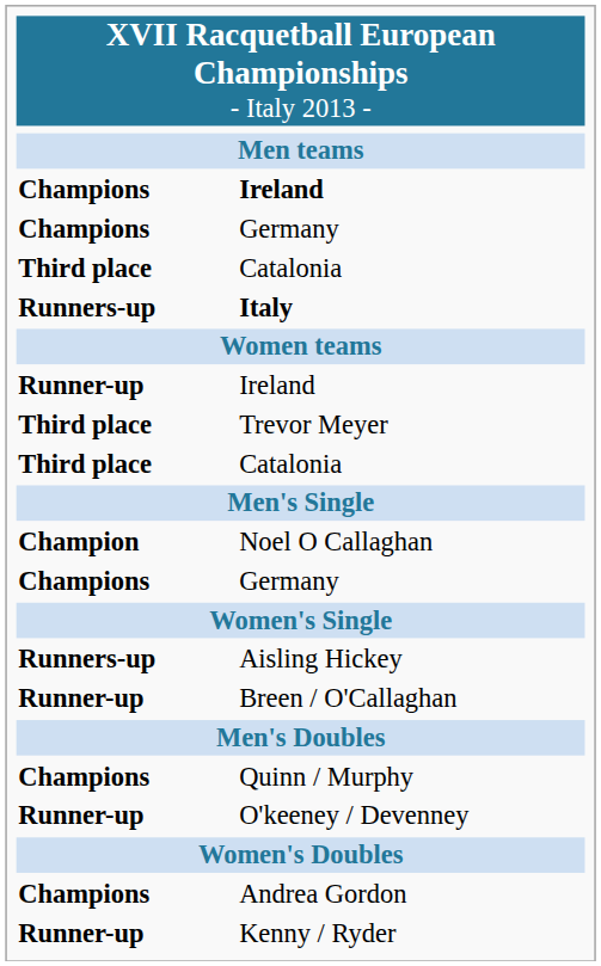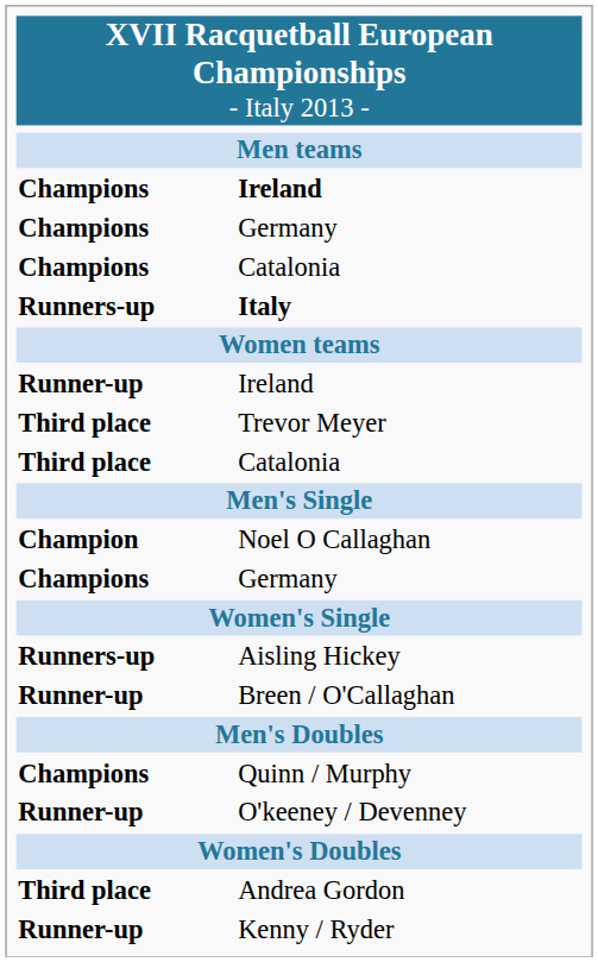 <table class="infobox" style="font-size: 90%; width: 22em;">
 <tr>
 <td colspan="2" style="background: #227799; text-align: center; color:#ffffff;"><big><strong>XVII Racquetball European Championships</strong></big><br>- Italy 2013 -</td>
 </tr>
 <tr style="vertical-align:top;">
 </tr>
 <tr style="vertical-align:top;">
 <td colspan="2" style="background: #cedff2; text-align: center; color:#227799;"><strong>Men teams</strong></td>
 </tr>
 <tr style="vertical-align:top;">
 <td><strong>Champions</strong> </td>
 <td><strong> Ireland</strong></td>
 </tr>
 <tr>
 <td><strong>Champions</strong> </td>
 <td> Germany</td>
 </tr>
 <tr>
-<td><strong>Third place</strong> </td>
+<td><strong>Champions</strong> </td>
 <td> Catalonia</td>
 </tr>
 <tr>
 <td><strong>Runners-up</strong> </td>
 <td><strong> Italy</strong></td>
 </tr>
 <tr style="vertical-align:top;">
 <td colspan="2" style="background: #cedff2; text-align: center; color:#227799;"><strong>Women teams</strong></td>
 </tr>
 <tr style="vertical-align:top;">
 <td><strong>Runner-up</strong> </td>
 <td> Ireland</td>
 </tr>
 <tr>
 <td><strong>Third place</strong> </td>
 <td> Trevor Meyer</td>
 </tr>
 <tr>
 <td><strong>Third place</strong> </td>
 <td> Catalonia</td>
 </tr>
 <tr style="vertical-align:top;">
 <td colspan="2" style="background: #cedff2; text-align: center; color:#227799;"><strong>Men's Single</strong></td>
 </tr>
 <tr style="vertical-align:top;">
 <td><strong>Champion</strong> </td>
 <td> Noel O Callaghan</td>
 </tr>
 <tr>
 <td><strong>Champions</strong> </td>
 <td> Germany</td>
 </tr>
 <tr style="vertical-align:top;">
 <td colspan="2" style="background: #cedff2; text-align: center; color:#227799;"><strong>Women's Single</strong></td>
 </tr>
 <tr style="vertical-align:top;">
 <td><strong>Runners-up</strong> </td>
 <td> Aisling Hickey</td>
 </tr>
 <tr>
 <td><strong>Runner-up</strong> </td>
 <td> Breen / O'Callaghan</td>
 </tr>
 <tr style="vertical-align:top;">
 <td colspan="2" style="background: #cedff2; text-align: center; color:#227799;"><strong>Men's Doubles</strong></td>
 </tr>
 <tr style="vertical-align:top;">
 <td><strong>Champions</strong> </td>
 <td> Quinn / Murphy</td>
 </tr>
 <tr>
 <td><strong>Runner-up</strong> </td>
 <td> O'keeney / Devenney</td>
 </tr>
 <tr style="vertical-align:top;">
 <td colspan="2" style="background: #cedff2; text-align: center; color:#227799;"><strong>Women's Doubles</strong></td>
 </tr>
 <tr style="vertical-align:top;">
-<td><strong>Champions</strong> </td>
+<td><strong>Third place</strong> </td>
 <td> Andrea Gordon</td>
 </tr>
 <tr>
 <td><strong>Runner-up</strong> </td>
 <td> Kenny / Ryder</td>
 </tr>
 </table>
